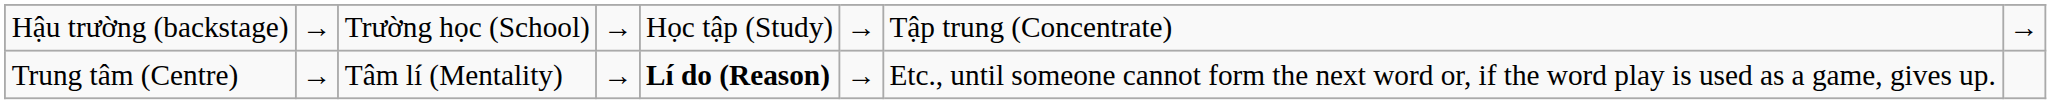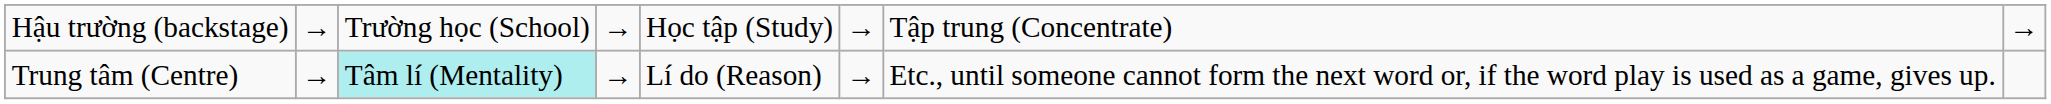 <table class="wikitable">
 <tr>
 <td>Hậu trường (backstage)</td>
 <td>→</td>
 <td>Trường học (School)</td>
 <td>→</td>
 <td>Học tập (Study)</td>
 <td>→</td>
 <td>Tập trung (Concentrate)</td>
 <td>→</td>
 </tr>
 <tr>
 <td>Trung tâm (Centre)</td>
 <td>→</td>
-<td>Tâm lí (Mentality)</td>
+<td style="background: paleturquoise;">Tâm lí (Mentality)</td>
 <td>→</td>
-<td><strong>Lí do (Reason)</strong></td>
+<td>Lí do (Reason)</td>
 <td>→</td>
 <td>Etc., until someone cannot form the next word or, if the word play is used as a game, gives up.</td>
 <td></td>
 </tr>
 </table>
